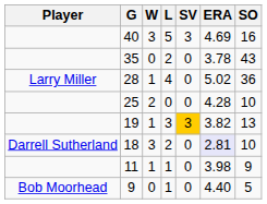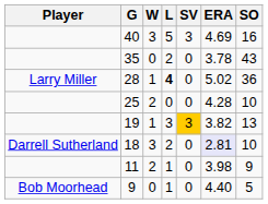 <table class="wikitable sortable">
 <tr>
 <th>Player</th>
 <th>G</th>
 <th>W</th>
 <th>L</th>
 <th>SV</th>
 <th>ERA</th>
 <th>SO</th>
 </tr>
 <tr align="center">
 <td></td>
 <td>40</td>
 <td>3</td>
 <td>5</td>
 <td>3</td>
 <td>4.69</td>
 <td>16</td>
 </tr>
 <tr align="center">
 <td></td>
 <td>35</td>
 <td>0</td>
 <td>2</td>
 <td>0</td>
 <td>3.78</td>
 <td>43</td>
 </tr>
 <tr align="center">
 <td><a href='#'>Larry Miller</a></td>
 <td>28</td>
 <td>1</td>
-<td>4</td>
+<td><strong>4</strong></td>
 <td>0</td>
 <td>5.02</td>
 <td>36</td>
 </tr>
 <tr align="center">
 <td></td>
 <td>25</td>
 <td>2</td>
 <td>0</td>
 <td>0</td>
 <td>4.28</td>
 <td>10</td>
 </tr>
 <tr align="center">
 <td></td>
 <td>19</td>
 <td>1</td>
 <td>3</td>
 <td bgcolor="#FFCC00">3</td>
 <td>3.82</td>
 <td>13</td>
 </tr>
 <tr align="center">
 <td><a href='#'>Darrell Sutherland</a></td>
 <td>18</td>
 <td>3</td>
 <td>2</td>
 <td>0</td>
 <td style="background: lavender;">2.81</td>
 <td>10</td>
 </tr>
 <tr align="center">
 <td></td>
 <td>11</td>
-<td>1</td>
+<td>2</td>
 <td>1</td>
 <td>0</td>
 <td>3.98</td>
 <td>9</td>
 </tr>
 <tr align="center">
 <td><a href='#'>Bob Moorhead</a></td>
 <td>9</td>
 <td>0</td>
 <td>1</td>
 <td>0</td>
 <td>4.40</td>
 <td>5</td>
 </tr>
 </table>
